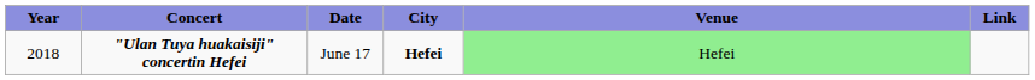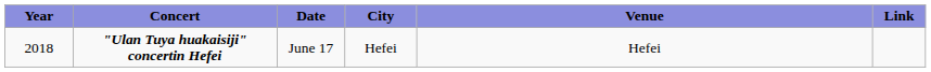 <table class="wikitable sortable mw-collapsible" width="80%" style="text-align:center">
 <tr align="center" style="background:#8B8EDE">
 <td style="width:2%"><strong>Year</strong></td>
 <td style="width:8%"><strong>Concert</strong></td>
 <td style="width:2%"><strong>Date</strong></td>
 <td style="width:2%"><strong>City</strong></td>
 <td style="width:18%"><strong>Venue</strong></td>
 <td style="width:1%"><strong>Link</strong></td>
 </tr>
 <tr>
 <td rowspan="2">2018</td>
 <td rowspan="2"><strong><em>"Ulan Tuya huakaisiji" concertin Hefei</em></strong></td>
 <td>June 17</td>
-<td><strong>Hefei</strong></td>
-<td style="background: lightgreen;">Hefei</td>
+<td>Hefei</td>
+<td>Hefei</td>
 <td></td>
 </tr>
 </table>
